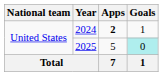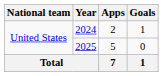 <table class="wikitable" style="text-align:center">
 <tr>
 <th>National team</th>
 <th>Year</th>
 <th>Apps</th>
 <th>Goals</th>
 </tr>
 <tr>
 <td rowspan=2><a href='#'>United States</a></td>
 <td><a href='#'>2024</a></td>
-<td><strong>2</strong></td>
+<td>2</td>
 <td>1</td>
 </tr>
 <tr>
 <td><a href='#'>2025</a></td>
 <td>5</td>
-<td style="background: paleturquoise;">0</td>
+<td>0</td>
 </tr>
 <tr>
 <th colspan=2>Total</th>
 <th>7</th>
 <th>1</th>
 </tr>
 </table>
